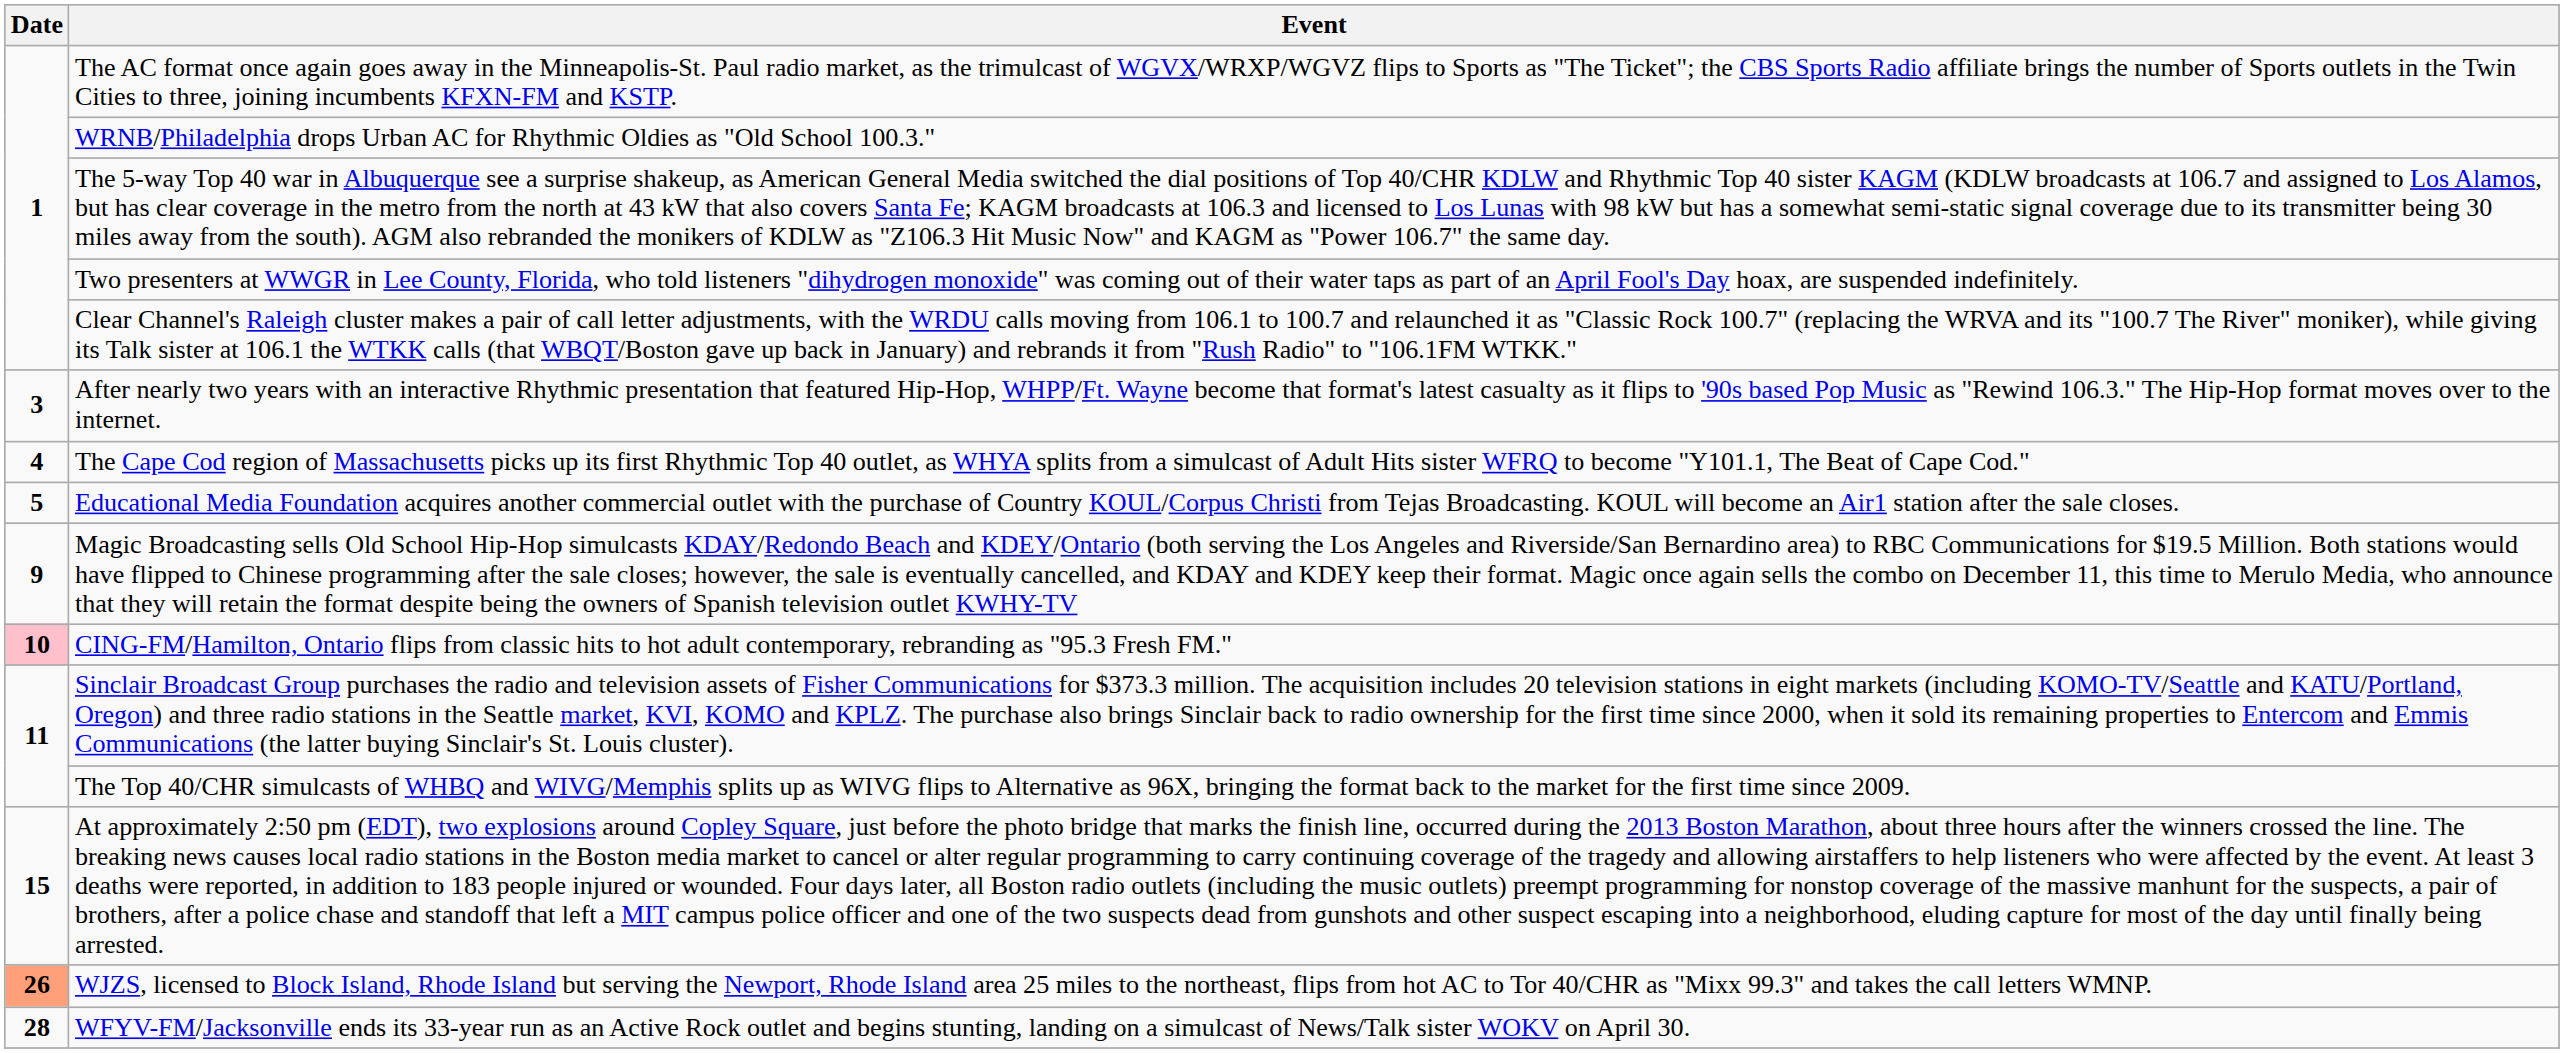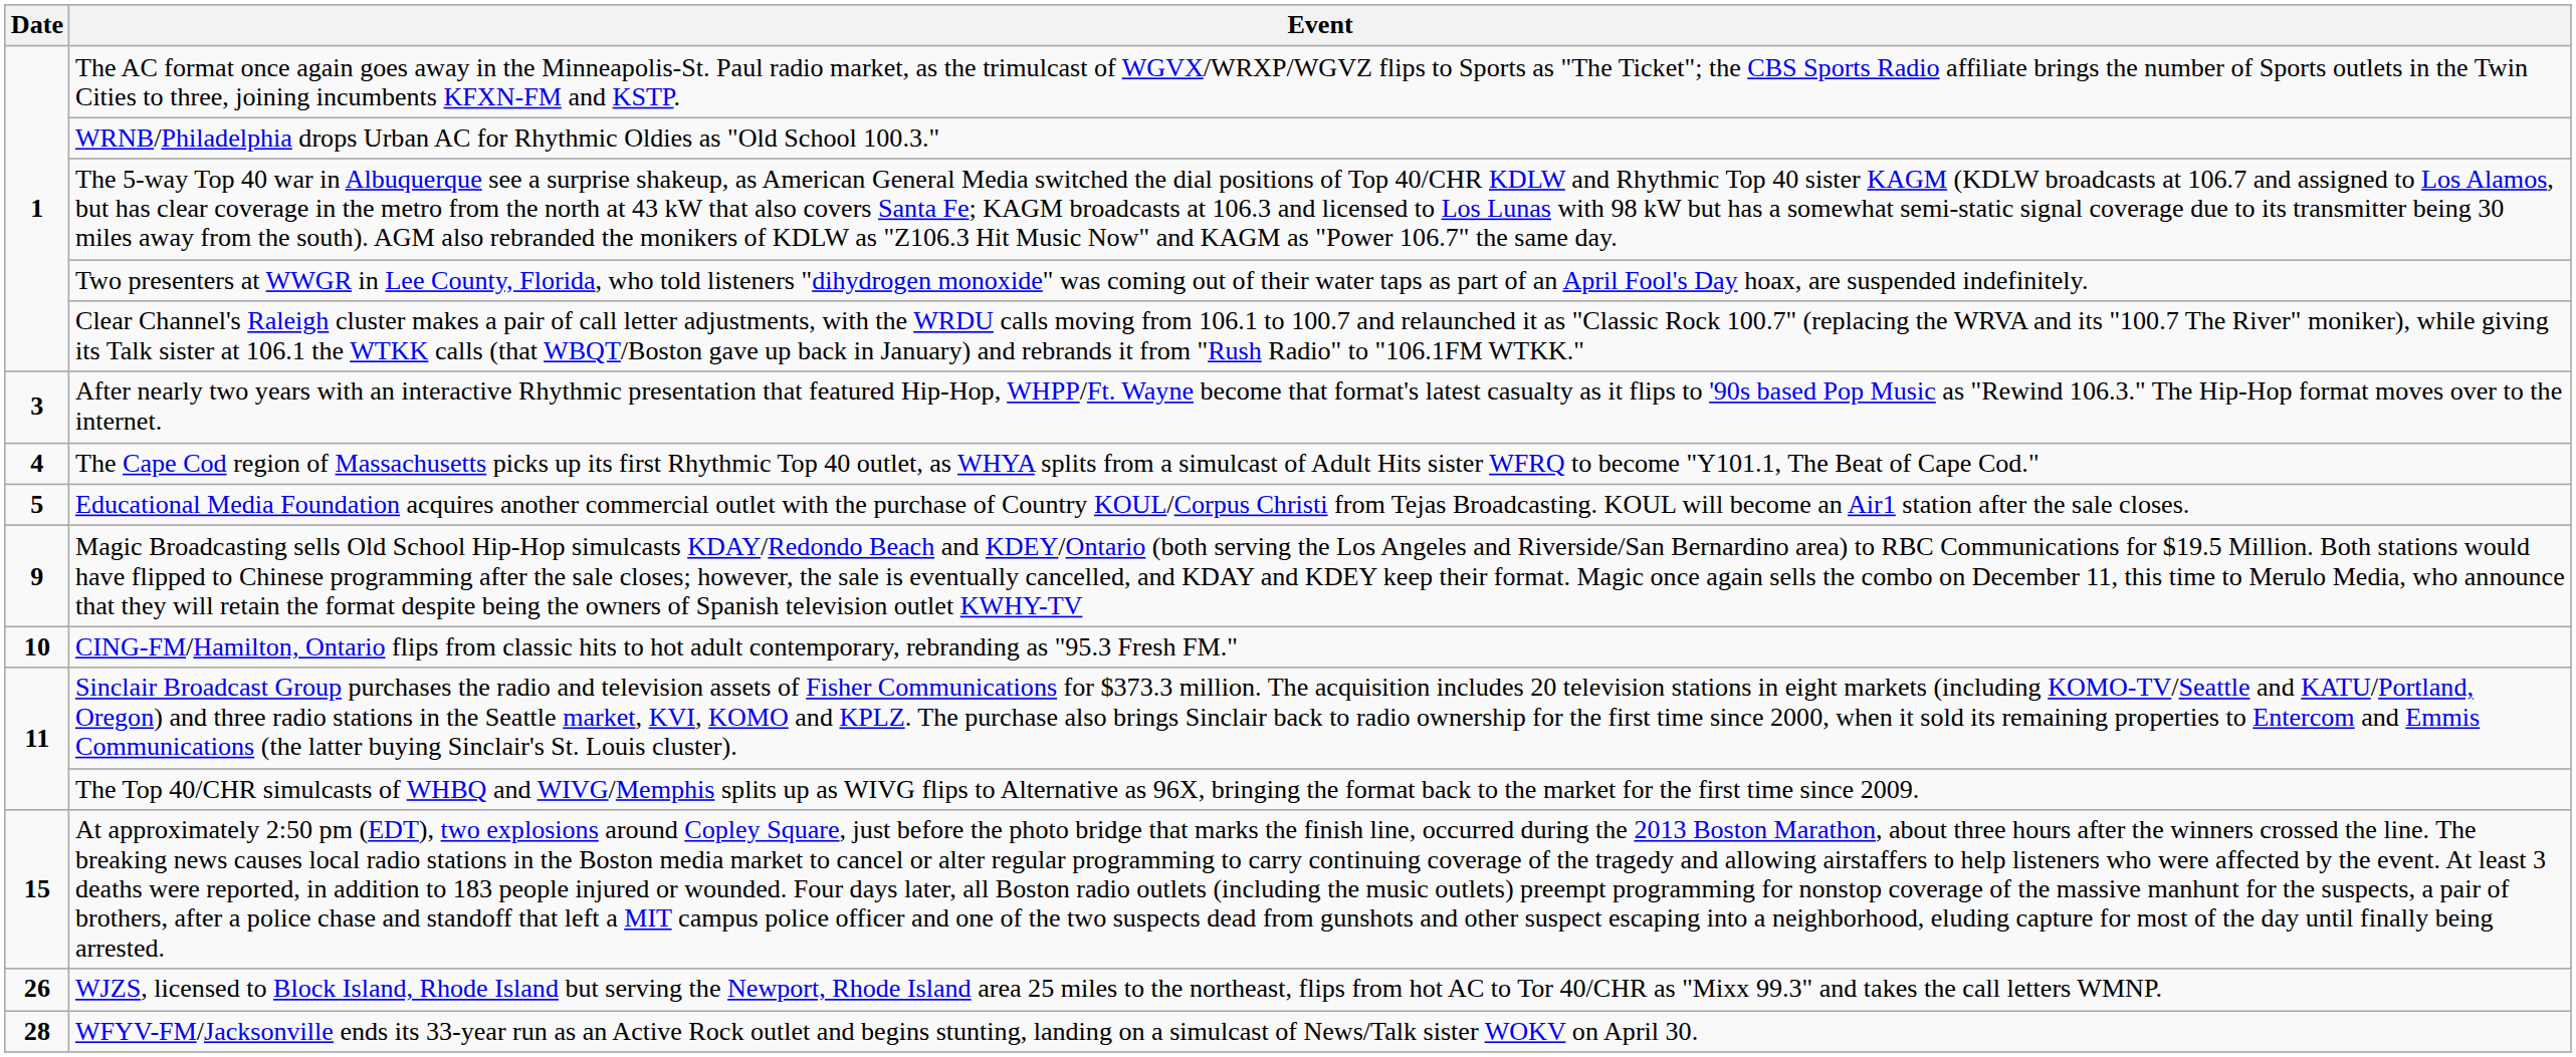 <table class="wikitable">
 <tr>
 <th>Date</th>
 <th>Event</th>
 </tr>
 <tr>
 <td style="text-align:center;" rowspan=5><strong>1</strong></td>
 <td>The AC format once again goes away in the Minneapolis-St. Paul radio market, as the trimulcast of <a href='#'>WGVX</a>/WRXP/WGVZ flips to Sports as "The Ticket"; the <a href='#'>CBS Sports Radio</a> affiliate brings the number of Sports outlets in the Twin Cities to three, joining incumbents <a href='#'>KFXN-FM</a> and <a href='#'>KSTP</a>.</td>
 </tr>
 <tr>
 <td><a href='#'>WRNB</a>/<a href='#'>Philadelphia</a> drops Urban AC for Rhythmic Oldies as "Old School 100.3."</td>
 </tr>
 <tr>
 <td>The 5-way Top 40 war in <a href='#'>Albuquerque</a> see a surprise shakeup, as American General Media switched the dial positions of Top 40/CHR <a href='#'>KDLW</a> and Rhythmic Top 40 sister <a href='#'>KAGM</a> (KDLW broadcasts at 106.7 and assigned to <a href='#'>Los Alamos</a>, but has clear coverage in the metro from the north at 43 kW that also covers <a href='#'>Santa Fe</a>; KAGM broadcasts at 106.3 and licensed to <a href='#'>Los Lunas</a> with 98 kW but has a somewhat semi-static signal coverage due to its transmitter being 30 miles away from the south). AGM also rebranded the monikers of KDLW as "Z106.3 Hit Music Now" and KAGM as "Power 106.7" the same day.</td>
 </tr>
 <tr>
 <td>Two presenters at <a href='#'>WWGR</a> in <a href='#'>Lee County, Florida</a>, who told listeners "<a href='#'>dihydrogen monoxide</a>" was coming out of their water taps as part of an <a href='#'>April Fool's Day</a> hoax, are suspended indefinitely.</td>
 </tr>
 <tr>
 <td>Clear Channel's <a href='#'>Raleigh</a> cluster makes a pair of call letter adjustments, with the <a href='#'>WRDU</a> calls moving from 106.1 to 100.7 and relaunched it as "Classic Rock 100.7" (replacing the WRVA and its "100.7 The River" moniker), while giving its Talk sister at 106.1 the <a href='#'>WTKK</a> calls (that <a href='#'>WBQT</a>/Boston gave up back in January) and rebrands it from "<a href='#'>Rush</a> Radio" to "106.1FM WTKK."</td>
 </tr>
 <tr>
 <td style="text-align:center;"><strong>3</strong></td>
 <td>After nearly two years with an interactive Rhythmic presentation that featured Hip-Hop, <a href='#'>WHPP</a>/<a href='#'>Ft. Wayne</a> become that format's latest casualty as it flips to <a href='#'>'90s based Pop Music</a> as "Rewind 106.3." The Hip-Hop format moves over to the internet.</td>
 </tr>
 <tr>
 <td style="text-align:center;"><strong>4</strong></td>
 <td>The <a href='#'>Cape Cod</a> region of <a href='#'>Massachusetts</a> picks up its first Rhythmic Top 40 outlet, as <a href='#'>WHYA</a> splits from a simulcast of Adult Hits sister <a href='#'>WFRQ</a> to become "Y101.1, The Beat of Cape Cod."</td>
 </tr>
 <tr>
 <td style="text-align:center;"><strong>5</strong></td>
 <td><a href='#'>Educational Media Foundation</a> acquires another commercial outlet with the purchase of Country <a href='#'>KOUL</a>/<a href='#'>Corpus Christi</a> from Tejas Broadcasting. KOUL will become an <a href='#'>Air1</a> station after the sale closes.</td>
 </tr>
 <tr>
 <td style="text-align:center;"><strong>9</strong></td>
 <td>Magic Broadcasting sells Old School Hip-Hop simulcasts <a href='#'>KDAY</a>/<a href='#'>Redondo Beach</a> and <a href='#'>KDEY</a>/<a href='#'>Ontario</a> (both serving the Los Angeles and Riverside/San Bernardino area) to RBC Communications for $19.5 Million. Both stations would have flipped to Chinese programming after the sale closes; however, the sale is eventually cancelled, and KDAY and KDEY keep their format. Magic once again sells the combo on December 11, this time to Merulo Media, who announce that they will retain the format despite being the owners of Spanish television outlet <a href='#'>KWHY-TV</a></td>
 </tr>
 <tr>
-<td style="background: pink; text-align:center;"><strong>10</strong></td>
+<td style="text-align:center;"><strong>10</strong></td>
 <td><a href='#'>CING-FM</a>/<a href='#'>Hamilton, Ontario</a> flips from classic hits to hot adult contemporary, rebranding as "95.3 Fresh FM."</td>
 </tr>
 <tr>
 <td style="text-align:center;" rowspan=2><strong>11</strong></td>
 <td><a href='#'>Sinclair Broadcast Group</a> purchases the radio and television assets of <a href='#'>Fisher Communications</a> for $373.3 million. The acquisition includes 20 television stations in eight markets (including <a href='#'>KOMO-TV</a>/<a href='#'>Seattle</a> and <a href='#'>KATU</a>/<a href='#'>Portland, Oregon</a>) and three radio stations in the Seattle <a href='#'>market</a>, <a href='#'>KVI</a>, <a href='#'>KOMO</a> and <a href='#'>KPLZ</a>. The purchase also brings Sinclair back to radio ownership for the first time since 2000, when it sold its remaining properties to <a href='#'>Entercom</a> and <a href='#'>Emmis Communications</a> (the latter buying Sinclair's St. Louis cluster).</td>
 </tr>
 <tr>
 <td>The Top 40/CHR simulcasts of <a href='#'>WHBQ</a> and <a href='#'>WIVG</a>/<a href='#'>Memphis</a> splits up as WIVG flips to Alternative as 96X, bringing the format back to the market for the first time since 2009.</td>
 </tr>
 <tr>
 <td style="text-align:center;"><strong>15</strong></td>
 <td>At approximately 2:50 pm (<a href='#'>EDT</a>), <a href='#'>two explosions</a> around <a href='#'>Copley Square</a>, just before the photo bridge that marks the finish line, occurred during the <a href='#'>2013 Boston Marathon</a>, about three hours after the winners crossed the line. The breaking news causes local radio stations in the Boston media market to cancel or alter regular programming to carry continuing coverage of the tragedy and allowing airstaffers to help listeners who were affected by the event. At least 3 deaths were reported, in addition to 183 people injured or wounded. Four days later, all Boston radio outlets (including the music outlets) preempt programming for nonstop coverage of the massive manhunt for the suspects, a pair of brothers, after a police chase and standoff that left a <a href='#'>MIT</a> campus police officer and one of the two suspects dead from gunshots and other suspect escaping into a neighborhood, eluding capture for most of the day until finally being arrested.</td>
 </tr>
 <tr>
-<td style="background: lightsalmon; text-align:center;"><strong>26</strong></td>
+<td style="text-align:center;"><strong>26</strong></td>
 <td><a href='#'>WJZS</a>, licensed to <a href='#'>Block Island, Rhode Island</a> but serving the <a href='#'>Newport, Rhode Island</a> area 25 miles to the northeast, flips from hot AC to Tor 40/CHR as "Mixx 99.3" and takes the call letters WMNP.</td>
 </tr>
 <tr>
 <td style="text-align:center;"><strong>28</strong></td>
 <td><a href='#'>WFYV-FM</a>/<a href='#'>Jacksonville</a> ends its 33-year run as an Active Rock outlet and begins stunting, landing on a simulcast of News/Talk sister <a href='#'>WOKV</a> on April 30.</td>
 </tr>
 </table>
